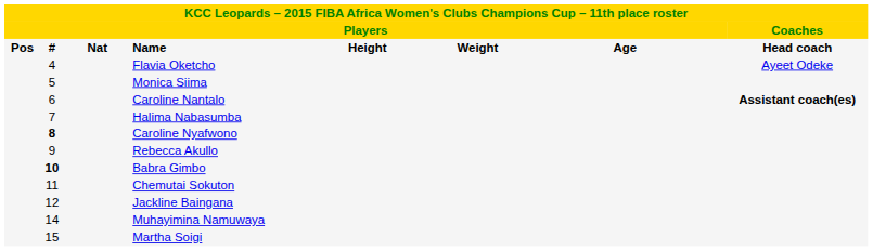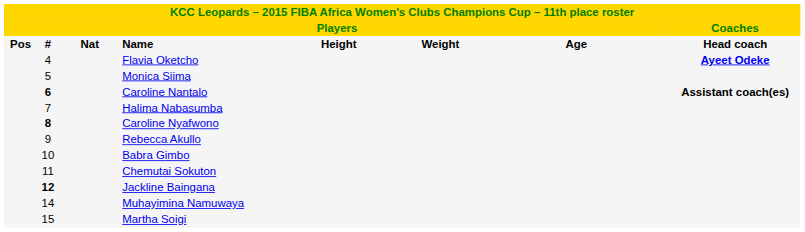 <table border=0 cellpadding=2 cellspacing=0  |- bgcolor=#f5f5f5 style="text-align:center; font-size:85%;" width=75%>
 <tr>
 <td colspan="8" style="background: #ffd700; color: green"><strong>KCC Leopards – 2015 FIBA Africa Women's Clubs Champions Cup – 11th place roster</strong></td>
 </tr>
 <tr>
 <td colspan="7" style="background: #ffd700; color: green"><strong>Players</strong></td>
 <td style="background: #ffd700; color: green"><strong>Coaches</strong></td>
 </tr>
 <tr style="background=#f5f5f5; color: black">
 <th width=5px>Pos</th>
 <th width=5px>#</th>
 <th width=50px>Nat</th>
 <th width=135px align=left>Name</th>
 <th width=100px>Height</th>
 <th width=70px>Weight</th>
 <th width=160px>Age</th>
 <th width=110px>Head coach</th>
 </tr>
 <tr>
 <td></td>
 <td>4</td>
 <td></td>
 <td align=left><a href='#'>Flavia Oketcho</a></td>
 <td><span></span></td>
 <td></td>
 <td><span></span></td>
-<td> <a href='#'>Ayeet Odeke</a></td>
+<td><strong> <a href='#'>Ayeet Odeke</a></strong></td>
 </tr>
 <tr>
 <td></td>
 <td>5</td>
 <td></td>
 <td align=left><a href='#'>Monica Siima</a></td>
 <td><span></span></td>
 <td></td>
 <td><span></span></td>
 </tr>
 <tr>
 <td></td>
-<td>6</td>
+<td><strong>6</strong></td>
 <td></td>
 <td align=left><a href='#'>Caroline Nantalo</a></td>
 <td></td>
 <td></td>
 <td><span></span></td>
 <td><strong>Assistant coach(es)</strong></td>
 </tr>
 <tr>
 <td></td>
 <td>7</td>
 <td></td>
 <td align=left><a href='#'>Halima Nabasumba</a></td>
 <td></td>
 <td></td>
 <td><span></span></td>
 <td></td>
 </tr>
 <tr>
 <td></td>
 <td><strong>8</strong></td>
 <td></td>
 <td align=left><a href='#'>Caroline Nyafwono</a></td>
 <td></td>
 <td></td>
 <td><span></span></td>
 </tr>
 <tr>
 <td></td>
 <td>9</td>
 <td></td>
 <td align=left><a href='#'>Rebecca Akullo</a></td>
 <td><span></span></td>
 <td></td>
 <td><span></span></td>
 </tr>
 <tr>
 <td></td>
-<td><strong>10</strong></td>
+<td>10</td>
 <td></td>
 <td align=left><a href='#'>Babra Gimbo</a></td>
 <td></td>
 <td></td>
 <td><span></span></td>
 </tr>
 <tr>
 <td></td>
 <td>11</td>
 <td></td>
 <td align=left><a href='#'>Chemutai Sokuton</a></td>
 <td></td>
 <td></td>
 <td><span></span></td>
 </tr>
 <tr>
 <td></td>
-<td>12</td>
+<td><strong>12</strong></td>
 <td></td>
 <td align=left><a href='#'>Jackline Baingana</a></td>
 <td></td>
 <td></td>
 <td><span></span></td>
 </tr>
 <tr>
 <td></td>
 <td>14</td>
 <td></td>
 <td align=left><a href='#'>Muhayimina Namuwaya</a></td>
 <td><span></span></td>
 <td></td>
 <td><span></span></td>
 </tr>
 <tr>
 <td></td>
 <td>15</td>
 <td></td>
 <td align=left><a href='#'>Martha Soigi</a></td>
 <td><span></span></td>
 <td></td>
 <td><span></span></td>
 </tr>
 </table>
